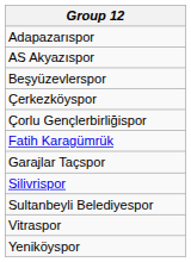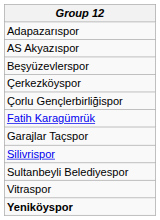 <table class="wikitable collapsible collapsed" style="font-size:95%;">
 <tr>
 <th colspan="1" width="200"><em>Group 12</em></th>
 </tr>
 <tr>
 <td>Adapazarıspor</td>
 </tr>
 <tr>
 <td>AS Akyazıspor</td>
 </tr>
 <tr>
 <td>Beşyüzevlerspor</td>
 </tr>
 <tr>
 <td>Çerkezköyspor</td>
 </tr>
 <tr>
 <td>Çorlu Gençlerbirliğispor</td>
 </tr>
 <tr>
 <td><a href='#'>Fatih Karagümrük</a></td>
 </tr>
 <tr>
 <td>Garajlar Taçspor</td>
 </tr>
 <tr>
 <td><a href='#'>Silivrispor</a></td>
 </tr>
 <tr>
 <td>Sultanbeyli Belediyespor</td>
 </tr>
 <tr>
 <td>Vitraspor</td>
 </tr>
 <tr>
-<td>Yeniköyspor</td>
+<td><strong>Yeniköyspor</strong></td>
 </tr>
 </table>
